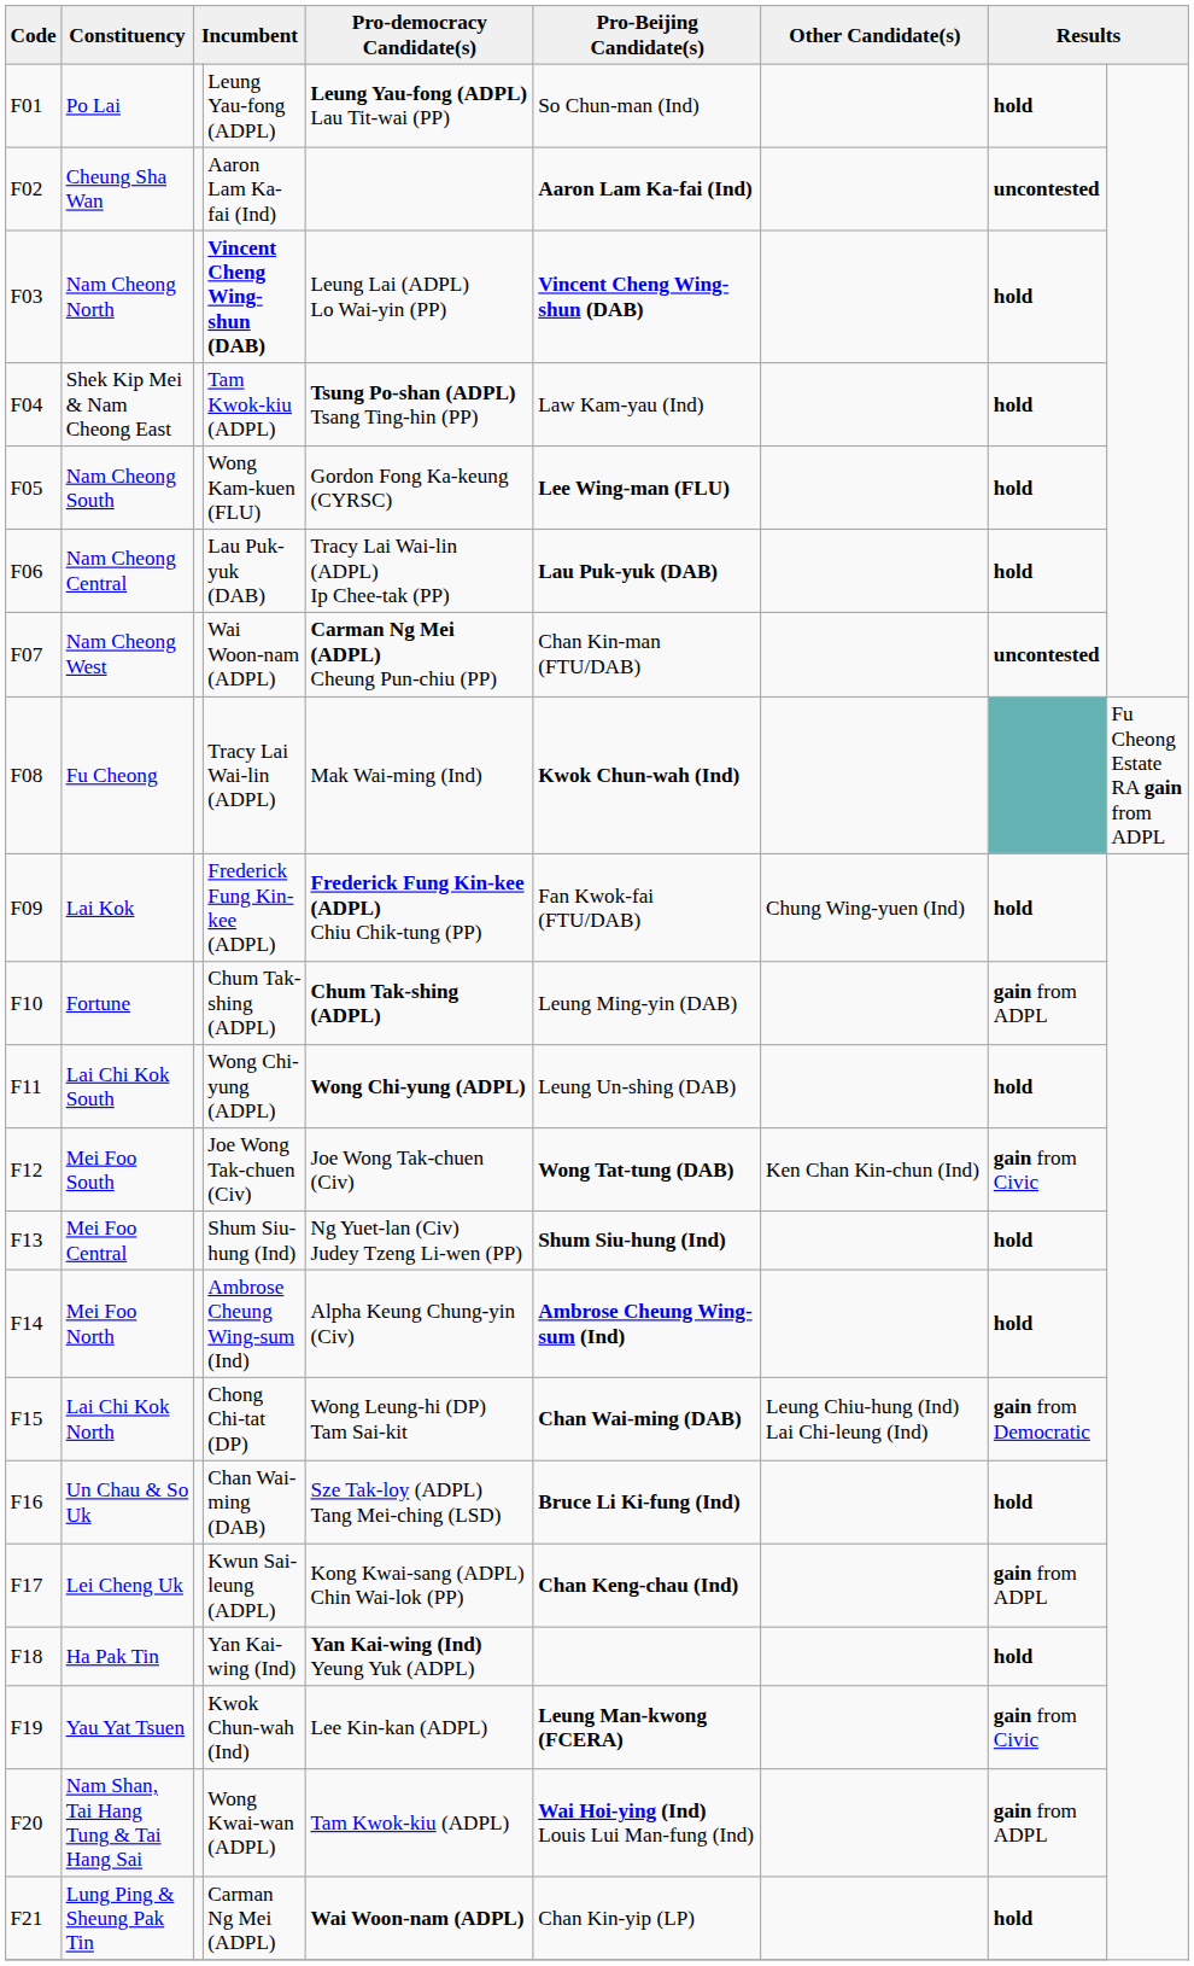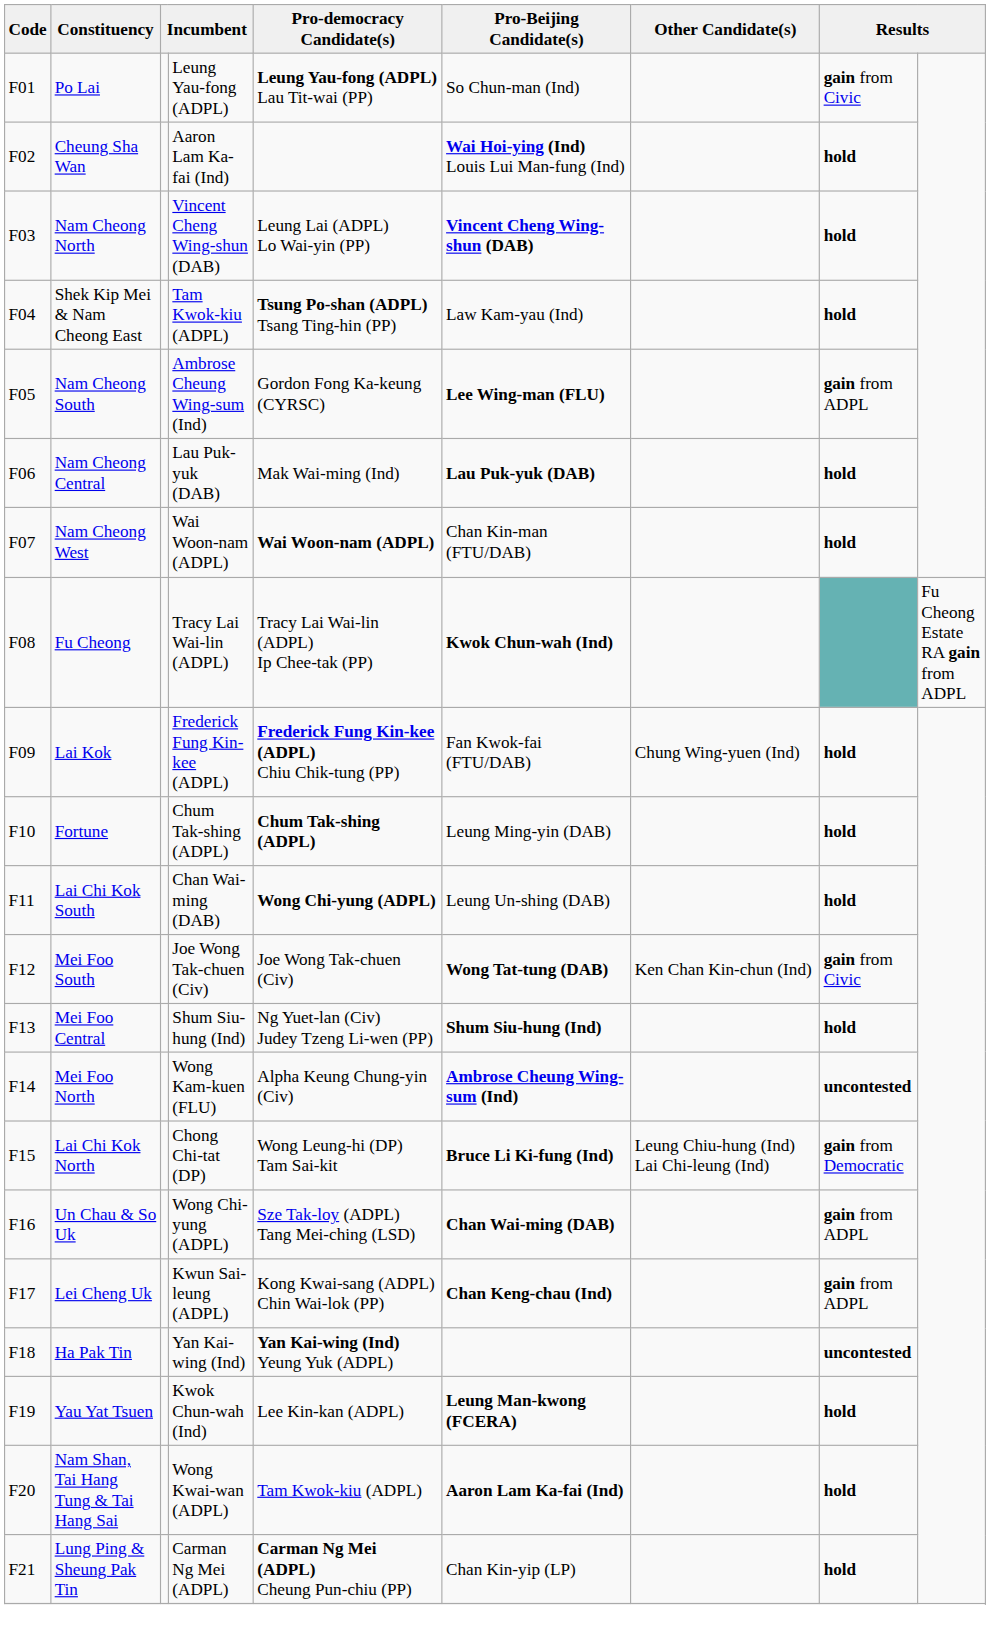 <table class="wikitable" style="font-size: 95%;">
 <tr>
 <th align="center" style="background:#f0f0f0;" width="20px">Code</th>
 <th align="center" style="background:#f0f0f0;" width="90px">Constituency</th>
 <th align="center" style="background:#f0f0f0;" width="120px" colspan=2>Incumbent</th>
 <th align="center" style="background:#f0f0f0;" width="160px">Pro-democracy Candidate(s)</th>
 <th align="center" style="background:#f0f0f0;" width="160px">Pro-Beijing Candidate(s)</th>
 <th align="center" style="background:#f0f0f0;" width="160px">Other Candidate(s)</th>
 <th align="center" style="background:#f0f0f0;" width="100px" colspan="2">Results</th>
 </tr>
 <tr>
 <td>F01</td>
 <td><a href='#'>Po Lai</a></td>
 <td></td>
 <td>Leung Yau-fong (ADPL)</td>
 <td><strong>Leung Yau-fong (ADPL)</strong><br>Lau Tit-wai (PP)</td>
 <td>So Chun-man (Ind)</td>
 <td></td>
-<td> <strong>hold</strong></td>
+<td> <strong>gain</strong> from <a href='#'>Civic</a></td>
 </tr>
 <tr>
 <td>F02</td>
 <td><a href='#'>Cheung Sha Wan</a></td>
 <td></td>
 <td>Aaron Lam Ka-fai (Ind)</td>
 <td></td>
-<td><strong>Aaron Lam Ka-fai (Ind)</strong></td>
+<td><strong><a href='#'>Wai Hoi-ying</a> (Ind)</strong><br>Louis Lui Man-fung (Ind)</td>
 <td></td>
-<td> <strong>uncontested</strong></td>
+<td> <strong>hold</strong></td>
 </tr>
 <tr>
 <td>F03</td>
 <td><a href='#'>Nam Cheong North</a></td>
 <td></td>
-<td><strong><a href='#'>Vincent Cheng Wing-shun</a> (DAB)</strong></td>
+<td><a href='#'>Vincent Cheng Wing-shun</a> (DAB)</td>
 <td>Leung Lai (ADPL) <br> Lo Wai-yin (PP)</td>
 <td><strong><a href='#'>Vincent Cheng Wing-shun</a> (DAB)</strong></td>
 <td></td>
 <td> <strong>hold</strong></td>
 </tr>
 <tr>
 <td>F04</td>
 <td>Shek Kip Mei & Nam Cheong East</td>
 <td></td>
 <td><a href='#'>Tam Kwok-kiu</a> (ADPL)</td>
 <td><strong>Tsung Po-shan (ADPL)</strong><br> Tsang Ting-hin (PP)</td>
 <td>Law Kam-yau (Ind)</td>
 <td></td>
 <td> <strong>hold</strong></td>
 </tr>
 <tr>
 <td>F05</td>
 <td><a href='#'>Nam Cheong South</a></td>
 <td></td>
-<td>Wong Kam-kuen (FLU)</td>
+<td><a href='#'>Ambrose Cheung Wing-sum</a> (Ind)</td>
 <td>Gordon Fong Ka-keung (CYRSC)</td>
 <td><strong>Lee Wing-man (FLU)</strong></td>
 <td></td>
-<td> <strong>hold</strong></td>
+<td> <strong>gain</strong> from ADPL</td>
 </tr>
 <tr>
 <td>F06</td>
 <td><a href='#'>Nam Cheong Central</a></td>
 <td></td>
 <td>Lau Puk-yuk (DAB)</td>
-<td>Tracy Lai Wai-lin (ADPL)<br>Ip Chee-tak (PP)</td>
+<td>Mak Wai-ming (Ind)</td>
 <td><strong>Lau Puk-yuk (DAB)</strong></td>
 <td></td>
 <td> <strong>hold</strong></td>
 </tr>
 <tr>
 <td>F07</td>
 <td><a href='#'>Nam Cheong West</a></td>
 <td></td>
 <td>Wai Woon-nam (ADPL)</td>
-<td><strong>Carman Ng Mei (ADPL)</strong><br>Cheung Pun-chiu (PP)</td>
+<td><strong>Wai Woon-nam (ADPL)</strong></td>
 <td>Chan Kin-man (FTU/DAB)</td>
 <td></td>
-<td> <strong>uncontested</strong></td>
+<td> <strong>hold</strong></td>
 </tr>
 <tr>
 <td>F08</td>
 <td><a href='#'>Fu Cheong</a></td>
 <td></td>
 <td>Tracy Lai Wai-lin (ADPL)</td>
-<td>Mak Wai-ming (Ind)</td>
+<td>Tracy Lai Wai-lin (ADPL)<br>Ip Chee-tak (PP)</td>
 <td><strong>Kwok Chun-wah (Ind)</strong></td>
 <td></td>
 <td bgcolor="65B2B3"></td>
 <td>Fu Cheong Estate RA <strong>gain</strong> from ADPL</td>
 </tr>
 <tr>
 <td>F09</td>
 <td><a href='#'>Lai Kok</a></td>
 <td></td>
 <td><a href='#'>Frederick Fung Kin-kee</a> (ADPL)</td>
 <td><strong><a href='#'>Frederick Fung Kin-kee</a> (ADPL)</strong><br>Chiu Chik-tung (PP)</td>
 <td>Fan Kwok-fai (FTU/DAB)</td>
 <td>Chung Wing-yuen (Ind)</td>
 <td> <strong>hold</strong></td>
 </tr>
 <tr>
 <td>F10</td>
 <td><a href='#'>Fortune</a></td>
 <td></td>
 <td>Chum Tak-shing (ADPL)</td>
 <td><strong>Chum Tak-shing (ADPL)</strong></td>
 <td>Leung Ming-yin (DAB)</td>
 <td></td>
-<td> <strong>gain</strong> from ADPL</td>
+<td> <strong>hold</strong></td>
 </tr>
 <tr>
 <td>F11</td>
 <td><a href='#'>Lai Chi Kok South</a></td>
 <td></td>
-<td>Wong Chi-yung (ADPL)</td>
+<td>Chan Wai-ming (DAB)</td>
 <td><strong>Wong Chi-yung (ADPL)</strong></td>
 <td>Leung Un-shing (DAB)</td>
 <td></td>
 <td> <strong>hold</strong></td>
 </tr>
 <tr>
 <td>F12</td>
 <td><a href='#'>Mei Foo South</a></td>
 <td></td>
 <td>Joe Wong Tak-chuen (Civ)</td>
 <td>Joe Wong Tak-chuen (Civ)</td>
 <td><strong>Wong Tat-tung (DAB)</strong></td>
 <td>Ken Chan Kin-chun (Ind)</td>
 <td> <strong>gain</strong> from <a href='#'>Civic</a></td>
 </tr>
 <tr>
 <td>F13</td>
 <td><a href='#'>Mei Foo Central</a></td>
 <td></td>
 <td>Shum Siu-hung (Ind)</td>
 <td>Ng Yuet-lan (Civ)<br>Judey Tzeng Li-wen (PP)</td>
 <td><strong>Shum Siu-hung (Ind)</strong></td>
 <td></td>
 <td> <strong>hold</strong></td>
 </tr>
 <tr>
 <td>F14</td>
 <td><a href='#'>Mei Foo North</a></td>
 <td></td>
-<td><a href='#'>Ambrose Cheung Wing-sum</a> (Ind)</td>
+<td>Wong Kam-kuen (FLU)</td>
 <td>Alpha Keung Chung-yin (Civ)</td>
 <td><strong><a href='#'>Ambrose Cheung Wing-sum</a> (Ind)</strong></td>
 <td></td>
-<td> <strong>hold</strong></td>
+<td> <strong>uncontested</strong></td>
 </tr>
 <tr>
 <td>F15</td>
 <td><a href='#'>Lai Chi Kok North</a></td>
 <td></td>
 <td>Chong Chi-tat (DP)</td>
 <td>Wong Leung-hi (DP)<br> Tam Sai-kit</td>
-<td><strong>Chan Wai-ming (DAB)</strong></td>
+<td><strong>Bruce Li Ki-fung (Ind)</strong></td>
 <td>Leung Chiu-hung (Ind)<br>Lai Chi-leung (Ind)</td>
 <td> <strong>gain</strong> from <a href='#'>Democratic</a></td>
 </tr>
 <tr>
 <td>F16</td>
 <td><a href='#'>Un Chau & So Uk</a></td>
 <td></td>
-<td>Chan Wai-ming (DAB)</td>
+<td>Wong Chi-yung (ADPL)</td>
 <td><a href='#'>Sze Tak-loy</a> (ADPL)<br>Tang Mei-ching (LSD)</td>
-<td><strong>Bruce Li Ki-fung (Ind)</strong></td>
+<td><strong>Chan Wai-ming (DAB)</strong></td>
 <td></td>
-<td> <strong>hold</strong></td>
+<td> <strong>gain</strong> from ADPL</td>
 </tr>
 <tr>
 <td>F17</td>
 <td><a href='#'>Lei Cheng Uk</a></td>
 <td></td>
 <td>Kwun Sai-leung (ADPL)</td>
 <td>Kong Kwai-sang (ADPL)<br>Chin Wai-lok (PP)</td>
 <td><strong>Chan Keng-chau (Ind)</strong></td>
 <td></td>
 <td> <strong>gain</strong> from ADPL</td>
 </tr>
 <tr>
 <td>F18</td>
 <td><a href='#'>Ha Pak Tin</a></td>
 <td></td>
 <td>Yan Kai-wing (Ind)</td>
 <td><strong>Yan Kai-wing (Ind)</strong> <br> Yeung Yuk (ADPL)</td>
 <td></td>
 <td></td>
-<td> <strong>hold</strong></td>
+<td> <strong>uncontested</strong></td>
 </tr>
 <tr>
 <td>F19</td>
 <td><a href='#'>Yau Yat Tsuen</a></td>
 <td></td>
 <td>Kwok Chun-wah (Ind)</td>
 <td>Lee Kin-kan (ADPL)</td>
 <td><strong>Leung Man-kwong (FCERA)</strong></td>
 <td></td>
-<td> <strong>gain</strong> from <a href='#'>Civic</a></td>
+<td> <strong>hold</strong></td>
 </tr>
 <tr>
 <td>F20</td>
 <td><a href='#'>Nam Shan, Tai Hang Tung & Tai Hang Sai</a></td>
 <td></td>
 <td>Wong Kwai-wan (ADPL)</td>
 <td><a href='#'>Tam Kwok-kiu</a> (ADPL)</td>
-<td><strong><a href='#'>Wai Hoi-ying</a> (Ind)</strong><br>Louis Lui Man-fung (Ind)</td>
+<td><strong>Aaron Lam Ka-fai (Ind)</strong></td>
 <td></td>
-<td> <strong>gain</strong> from ADPL</td>
+<td> <strong>hold</strong></td>
 </tr>
 <tr>
 <td>F21</td>
 <td><a href='#'>Lung Ping & Sheung Pak Tin</a></td>
 <td></td>
 <td>Carman Ng Mei (ADPL)</td>
-<td><strong>Wai Woon-nam (ADPL)</strong></td>
+<td><strong>Carman Ng Mei (ADPL)</strong><br>Cheung Pun-chiu (PP)</td>
 <td>Chan Kin-yip (LP)</td>
 <td></td>
 <td> <strong>hold</strong></td>
 </tr>
 <tr>
 </tr>
 </table>
